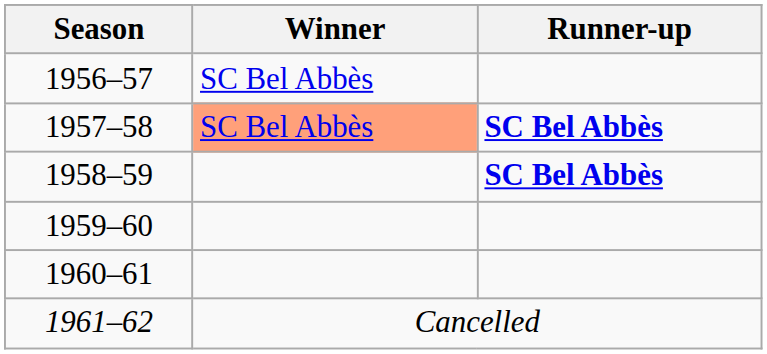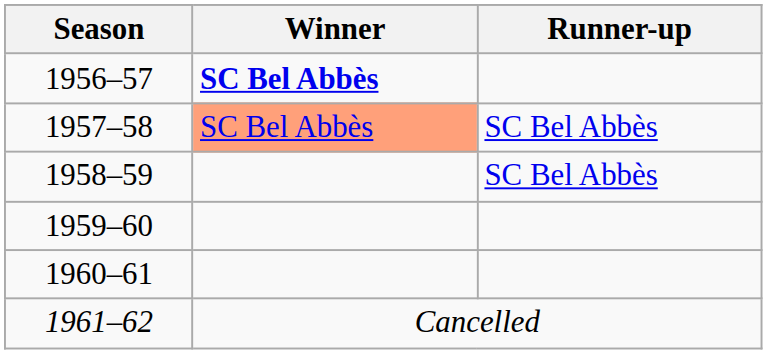 <table class="wikitable">
 <tr>
 <th width=90px>Season</th>
 <th width=140px>Winner</th>
 <th width=140px>Runner-up</th>
 </tr>
 <tr>
 <td align="center">1956–57</td>
-<td><a href='#'>SC Bel Abbès</a></td>
+<td><strong><a href='#'>SC Bel Abbès</a></strong></td>
 <td></td>
 </tr>
 <tr>
 <td align="center">1957–58</td>
 <td style="background: lightsalmon;"><a href='#'>SC Bel Abbès</a></td>
-<td><strong><a href='#'>SC Bel Abbès</a></strong></td>
+<td><a href='#'>SC Bel Abbès</a></td>
 </tr>
 <tr>
 <td align="center">1958–59</td>
 <td></td>
-<td><strong><a href='#'>SC Bel Abbès</a></strong></td>
+<td><a href='#'>SC Bel Abbès</a></td>
 </tr>
 <tr>
 <td align="center">1959–60</td>
 <td></td>
 <td></td>
 </tr>
 <tr>
 <td align="center">1960–61</td>
 <td></td>
 <td></td>
 </tr>
 <tr>
 <td align="center"><em>1961–62</em></td>
 <td align=center colspan=2><em>Cancelled</em></td>
 </tr>
 </table>
